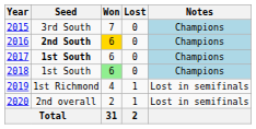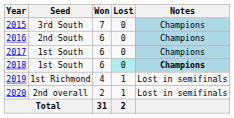 <table class="wikitable" style="text-align:center;">
 <tr>
 <th>Year</th>
 <th>Seed</th>
 <th>Won</th>
 <th>Lost</th>
 <th>Notes</th>
 </tr>
 <tr>
 <td><a href='#'>2015</a></td>
 <td>3rd South</td>
 <td>7</td>
 <td>0</td>
 <td bgcolor=lightblue>Champions</td>
 </tr>
 <tr>
 <td><a href='#'>2016</a></td>
-<td><strong>2nd South</strong></td>
-<td style="background: gold;">6</td>
+<td>2nd South</td>
+<td>6</td>
 <td>0</td>
 <td bgcolor=lightblue>Champions</td>
 </tr>
 <tr>
 <td><a href='#'>2017</a></td>
-<td><strong>1st South</strong></td>
+<td>1st South</td>
 <td>6</td>
 <td>0</td>
 <td bgcolor=lightblue>Champions</td>
 </tr>
 <tr>
 <td><a href='#'>2018</a></td>
 <td>1st South</td>
-<td style="background: lightgreen;">6</td>
-<td>0</td>
-<td bgcolor=lightblue>Champions</td>
+<td>6</td>
+<td style="background: paleturquoise;">0</td>
+<td bgcolor=lightblue><strong>Champions</strong></td>
 </tr>
 <tr>
 <td><a href='#'>2019</a></td>
 <td>1st Richmond</td>
 <td>4</td>
 <td>1</td>
 <td>Lost in semifinals</td>
 </tr>
 <tr>
 <td><a href='#'>2020</a></td>
 <td>2nd overall</td>
 <td>2</td>
 <td>1</td>
 <td>Lost in semifinals</td>
 </tr>
 <tr>
 <th colspan=2>Total</th>
 <th>31</th>
 <th>2</th>
 <th></th>
 </tr>
 </table>
